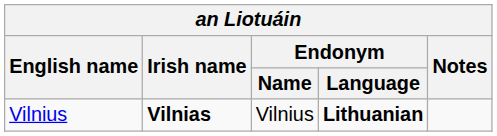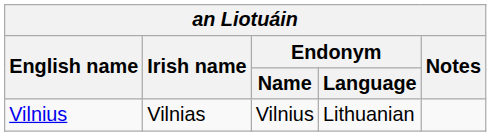 <table class="wikitable sortable">
 <tr>
 <th colspan="5"> <em>an Liotuáin</em></th>
 </tr>
 <tr>
 <th rowspan="2">English name</th>
 <th rowspan="2">Irish name</th>
 <th colspan="2">Endonym</th>
 <th rowspan="2">Notes</th>
 </tr>
 <tr>
 <th>Name</th>
 <th>Language</th>
 </tr>
 <tr>
 <td><a href='#'>Vilnius</a></td>
-<td><strong>Vilnias</strong></td>
+<td>Vilnias</td>
 <td>Vilnius</td>
-<td><strong>Lithuanian</strong></td>
+<td>Lithuanian</td>
 <td></td>
 </tr>
 </table>
